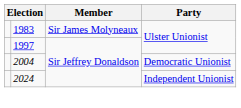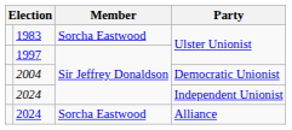 <table class="wikitable">
 <tr>
 <th colspan="2">Election</th>
 <th>Member</th>
 <th>Party</th>
 </tr>
 <tr>
 <td style="color:inherit;background-color: "></td>
 <td><a href='#'>1983</a></td>
-<td><a href='#'>Sir James Molyneaux</a></td>
+<td><a href='#'>Sorcha Eastwood</a></td>
 <td rowspan="2"><a href='#'>Ulster Unionist</a></td>
 </tr>
 <tr>
 <td style="color:inherit;background-color: "></td>
 <td><a href='#'>1997</a></td>
 <td rowspan="3"><a href='#'>Sir Jeffrey Donaldson</a></td>
 </tr>
 <tr>
 <td style="color:inherit;background-color: "></td>
 <td><em>2004</em></td>
 <td><a href='#'>Democratic Unionist</a></td>
 </tr>
 <tr>
 <td style="color:inherit;background-color: "></td>
 <td><em>2024</em></td>
 <td><a href='#'>Independent Unionist</a></td>
 </tr>
+<tr>
+<td style="color:inherit;background-color: "></td>
+<td><a href='#'>2024</a></td>
+<td><a href='#'>Sorcha Eastwood</a></td>
+<td><a href='#'>Alliance</a></td>
+</tr>
 </table>
